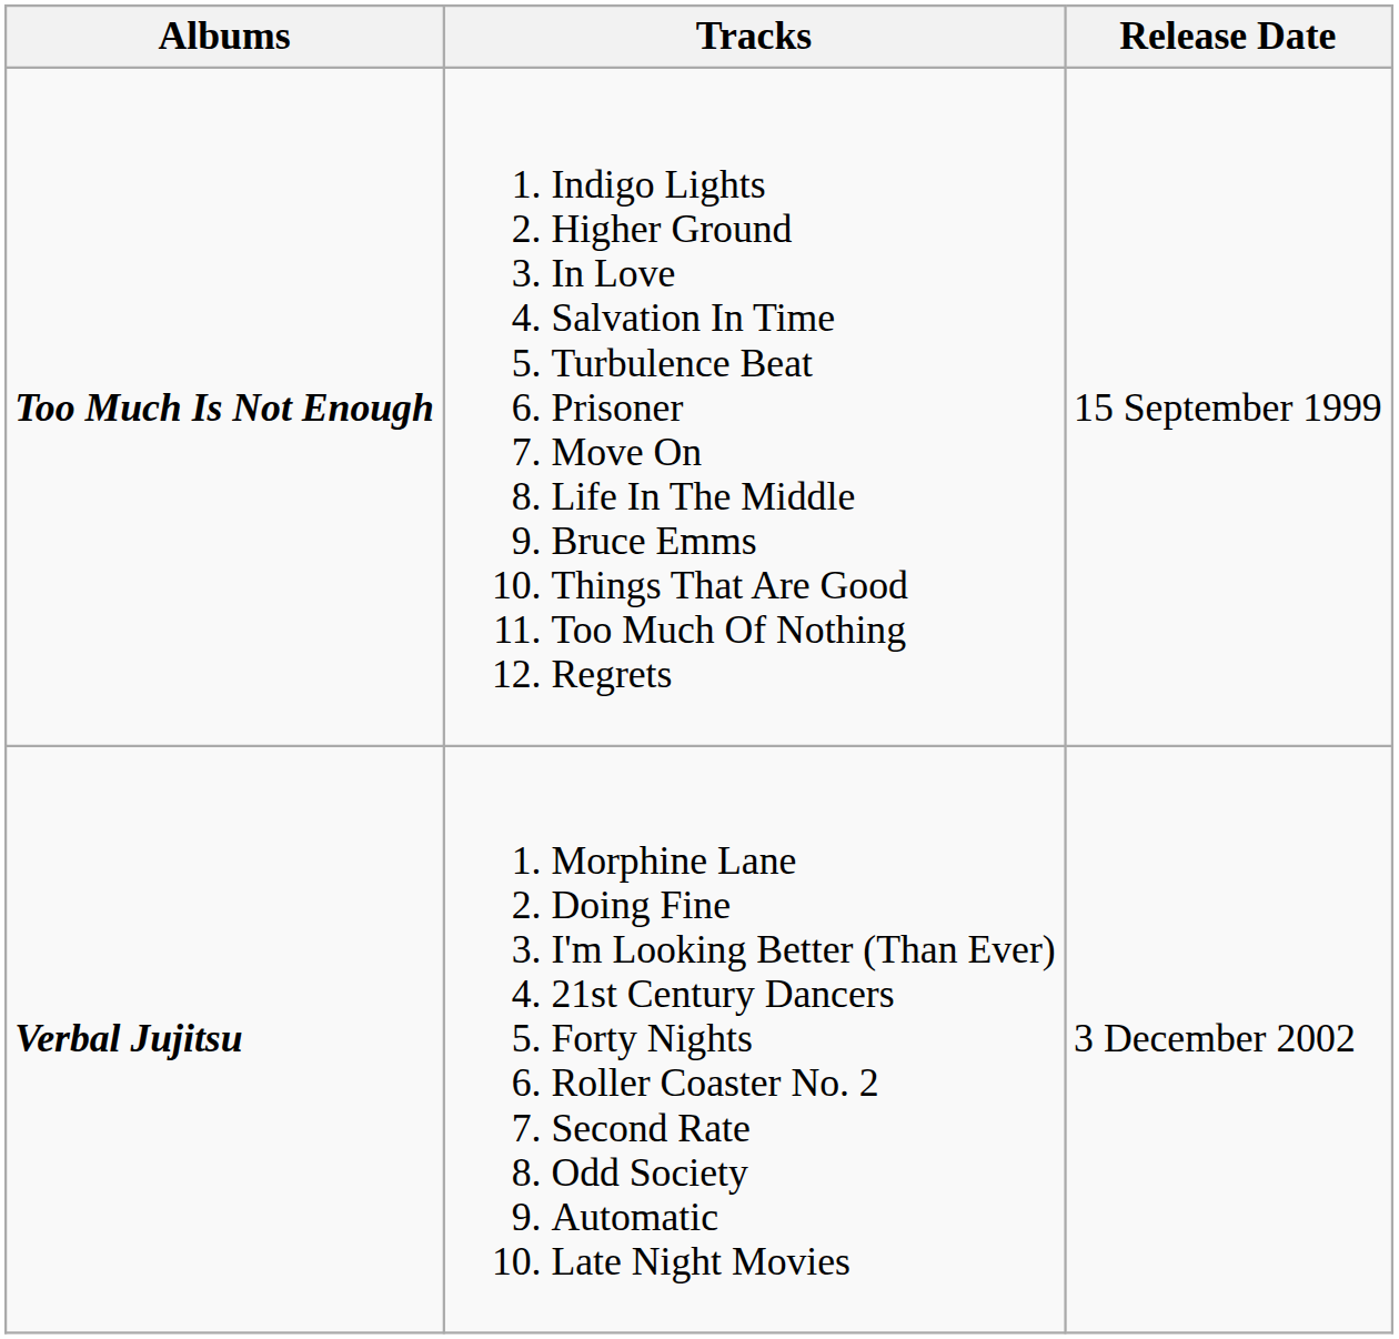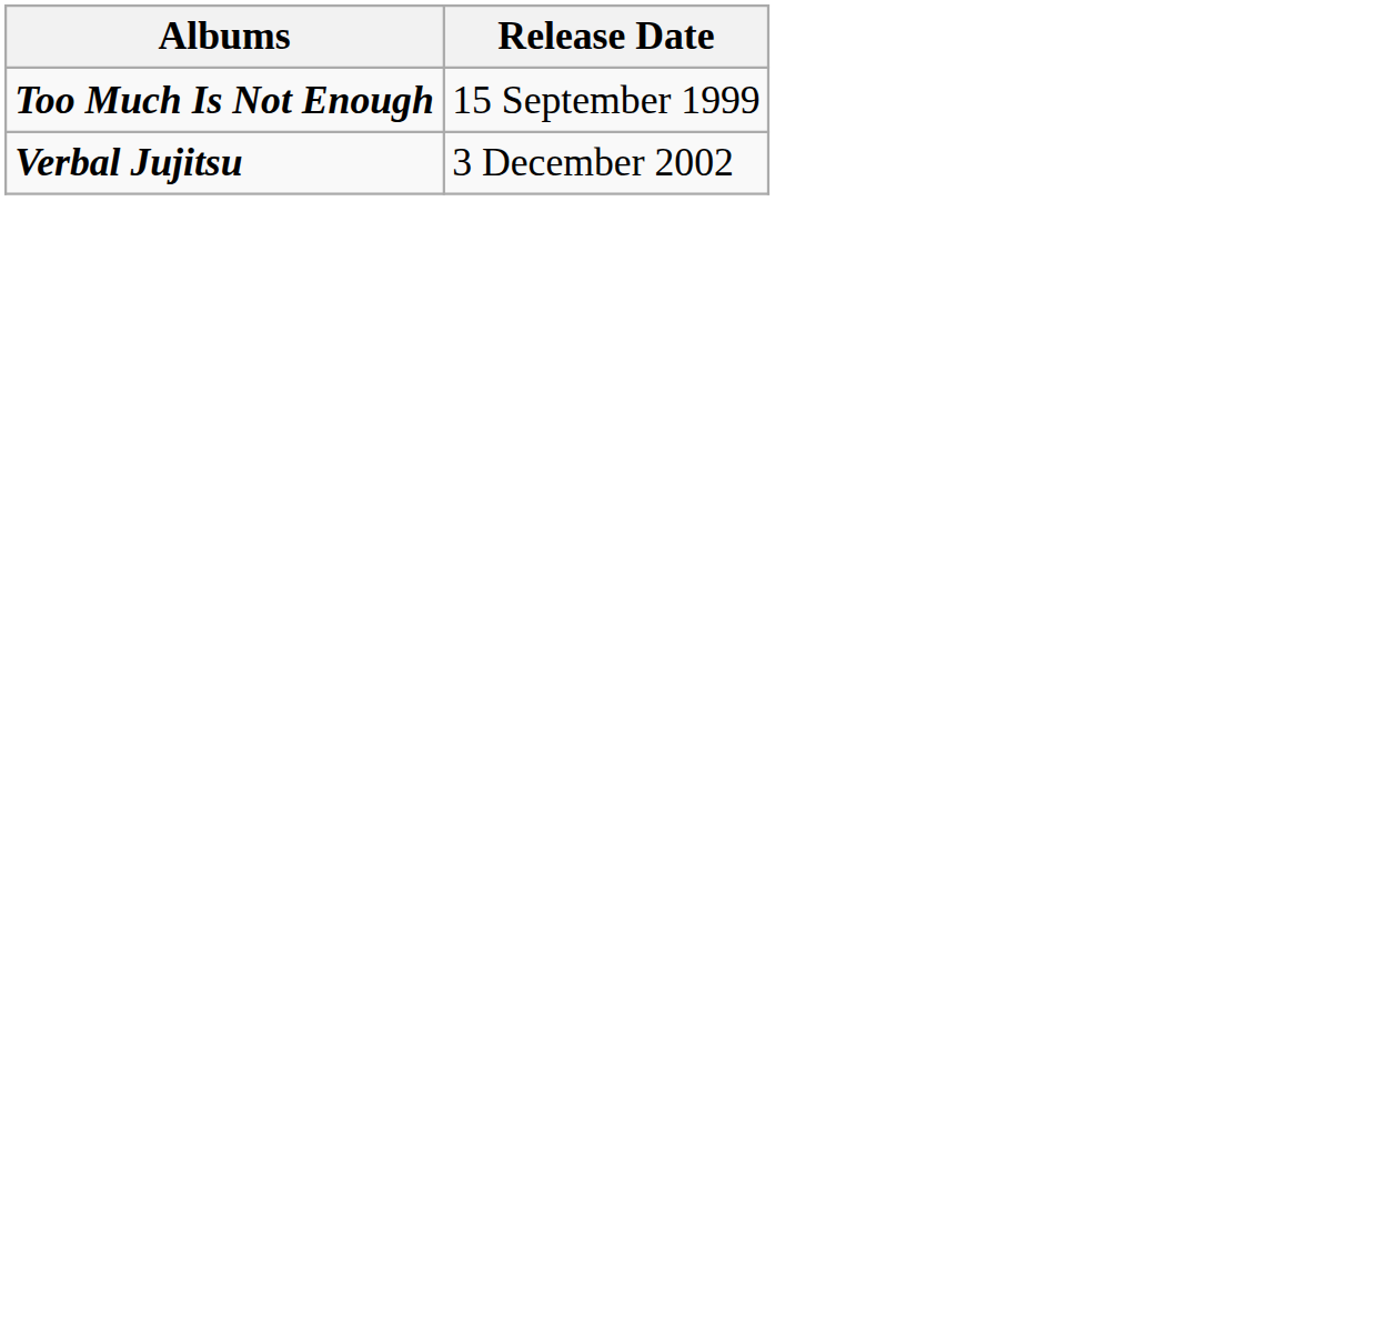 <table class="wikitable">
 <tr>
 <th>Albums</th>
-<th>Tracks</th>
 <th>Release Date</th>
 </tr>
 <tr>
 <td><strong><em>Too Much Is Not Enough</em></strong></td>
-<td><br><ol><li>Indigo Lights</li><li>Higher Ground</li><li>In Love</li><li>Salvation In Time</li><li>Turbulence Beat</li><li>Prisoner</li><li>Move On</li><li>Life In The Middle</li><li>Bruce Emms</li><li>Things That Are Good</li><li>Too Much Of Nothing</li><li>Regrets</li></ol></td>
 <td>15 September 1999</td>
 </tr>
 <tr>
 <td><strong><em>Verbal Jujitsu</em></strong></td>
-<td><br><ol><li>Morphine Lane</li><li>Doing Fine</li><li>I'm Looking Better (Than Ever)</li><li>21st Century Dancers</li><li>Forty Nights</li><li>Roller Coaster No. 2</li><li>Second Rate</li><li>Odd Society</li><li>Automatic</li><li>Late Night Movies</li></ol></td>
 <td>3 December 2002</td>
 </tr>
 </table>
